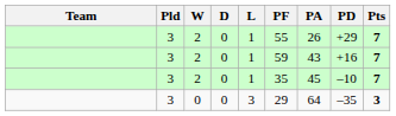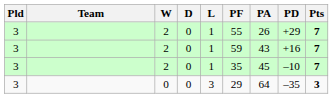 <table class="wikitable" style="text-align:center;">
 <tr>
+<th width=25 abbr="Played">Pld</th>
 <th width=175>Team</th>
-<th width=25 abbr="Played">Pld</th>
 <th width=25 abbr="Won">W</th>
 <th width=25 abbr="Drawn">D</th>
 <th width=25 abbr="Lost">L</th>
 <th width=32 abbr="Points for">PF</th>
 <th width=32 abbr="Points against">PA</th>
 <th width=32 abbr="Points difference">PD</th>
 <th width=25 abbr="Points">Pts</th>
 </tr>
 <tr bgcolor=ccffcc>
+<td>3</td>
 <td align=left></td>
-<td>3</td>
 <td>2</td>
 <td>0</td>
 <td>1</td>
 <td>55</td>
 <td>26</td>
 <td>+29</td>
 <td><strong>7</strong></td>
 </tr>
 <tr bgcolor=ccffcc>
+<td>3</td>
 <td align=left></td>
-<td>3</td>
 <td>2</td>
 <td>0</td>
 <td>1</td>
 <td>59</td>
 <td>43</td>
 <td>+16</td>
 <td><strong>7</strong></td>
 </tr>
 <tr bgcolor=ccffcc>
+<td>3</td>
 <td align=left></td>
-<td>3</td>
 <td>2</td>
 <td>0</td>
 <td>1</td>
 <td>35</td>
 <td>45</td>
 <td>–10</td>
 <td><strong>7</strong></td>
 </tr>
 <tr>
+<td>3</td>
 <td align=left></td>
-<td>3</td>
 <td>0</td>
 <td>0</td>
 <td>3</td>
 <td>29</td>
 <td>64</td>
 <td>–35</td>
 <td><strong>3</strong></td>
 </tr>
 </table>
